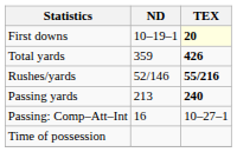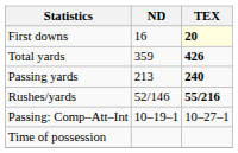 <table class="wikitable" style="float: left;">
 <tr>
 <th>Statistics</th>
 <th>ND</th>
 <th>TEX</th>
 </tr>
 <tr>
 <td>First downs</td>
-<td>10–19–1</td>
+<td>16</td>
 <td style="background: lightyellow;"><strong>20</strong></td>
 </tr>
 <tr>
 <td>Total yards</td>
 <td>359</td>
 <td><strong>426</strong></td>
 </tr>
 <tr>
+<td>Passing yards</td>
+<td>213</td>
+<td><strong>240</strong></td>
+</tr>
+<tr>
 <td>Rushes/yards</td>
 <td>52/146</td>
 <td><strong>55/216</strong></td>
 </tr>
 <tr>
-<td>Passing yards</td>
-<td>213</td>
-<td><strong>240</strong></td>
-</tr>
-<tr>
 <td>Passing: Comp–Att–Int</td>
-<td>16</td>
+<td>10–19–1</td>
 <td>10–27–1</td>
 </tr>
 <tr>
 <td>Time of possession</td>
 <td></td>
 <td></td>
 </tr>
 <tr>
 </tr>
 </table>
